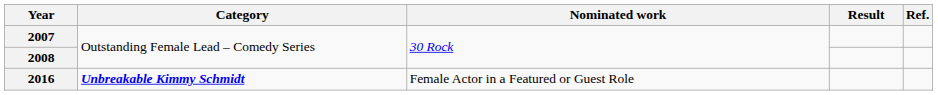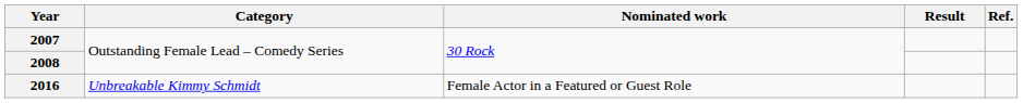 <table class=wikitable>
 <tr>
 <th scope="col" style="width:5em;">Year</th>
 <th scope="col" style="width:24em;">Category</th>
 <th scope="col" style="width:31em;">Nominated work</th>
 <th scope="col" style="width:5em;">Result</th>
 <th>Ref.</th>
 </tr>
 <tr>
 <th row=scope style="text-align:center;">2007</th>
 <td rowspan="2">Outstanding Female Lead – Comedy Series</td>
 <td rowspan="2"><em><a href='#'>30 Rock</a></em></td>
 <td></td>
 <td style="text-align:center;"></td>
 </tr>
 <tr>
 <th row=scope style="text-align:center;">2008</th>
 <td></td>
 <td style="text-align:center;"></td>
 </tr>
 <tr>
 <th row=scope style="text-align:center;">2016</th>
-<td><strong><em><a href='#'>Unbreakable Kimmy Schmidt</a></em></strong></td>
+<td><em><a href='#'>Unbreakable Kimmy Schmidt</a></em></td>
 <td rowspan="2">Female Actor in a Featured or Guest Role</td>
 <td></td>
 <td style="text-align:center;"></td>
 </tr>
 </table>
